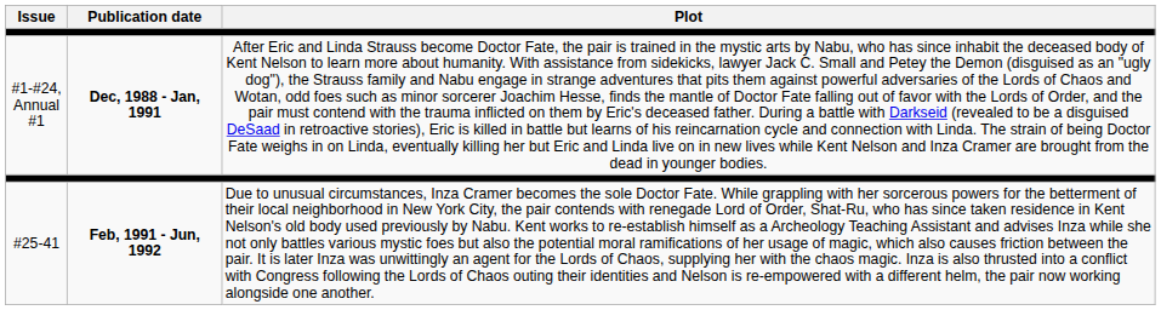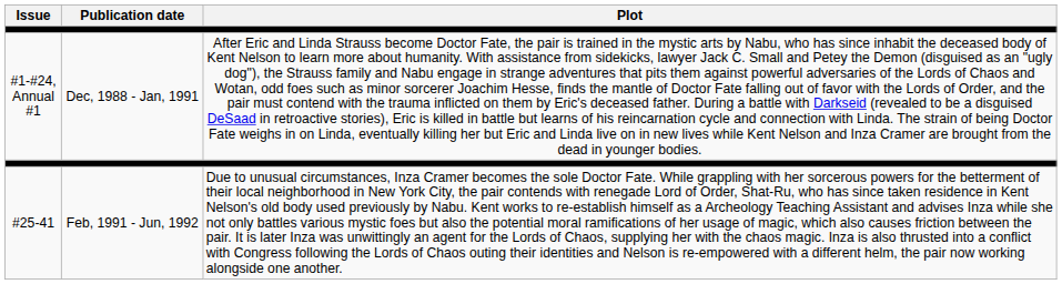 <table class="wikitable" style="text-align: center">
 <tr>
 <th>Issue</th>
 <th style="width: 10em">Publication date</th>
 <th>Plot</th>
 </tr>
 <tr>
 <td colspan="3" style="background:#000000"></td>
 </tr>
 <tr>
 <td>#1-#24, Annual #1</td>
-<td><strong>Dec, 1988 - Jan, 1991</strong></td>
+<td>Dec, 1988 - Jan, 1991</td>
 <td>After Eric and Linda Strauss become Doctor Fate, the pair is trained in the mystic arts by Nabu, who has since inhabit the deceased body of Kent Nelson to learn more about humanity. With assistance from sidekicks, lawyer Jack C. Small and Petey the Demon (disguised as an "ugly dog"), the Strauss family and Nabu engage in strange adventures that pits them against powerful adversaries of the Lords of Chaos and Wotan, odd foes such as minor sorcerer Joachim Hesse, finds the mantle of Doctor Fate falling out of favor with the Lords of Order, and the pair must contend with the trauma inflicted on them by Eric's deceased father. During a battle with <a href='#'>Darkseid</a> (revealed to be a disguised <a href='#'>DeSaad</a> in retroactive stories), Eric is killed in battle but learns of his reincarnation cycle and connection with Linda. The strain of being Doctor Fate weighs in on Linda, eventually killing her but Eric and Linda live on in new lives while Kent Nelson and Inza Cramer are brought from the dead in younger bodies.</td>
 </tr>
 <tr>
 <td colspan="3" style="background:#000000"></td>
 </tr>
 <tr>
 <td>#25-41</td>
-<td><strong>Feb, 1991 - Jun, 1992</strong></td>
+<td>Feb, 1991 - Jun, 1992</td>
 <td align="left">Due to unusual circumstances, Inza Cramer becomes the sole Doctor Fate. While grappling with her sorcerous powers for the betterment of their local neighborhood in New York City, the pair contends with renegade Lord of Order, Shat-Ru, who has since taken residence in Kent Nelson's old body used previously by Nabu. Kent works to re-establish himself as a Archeology Teaching Assistant and advises Inza while she not only battles various mystic foes but also the potential moral ramifications of her usage of magic, which also causes friction between the pair. It is later Inza was unwittingly an agent for the Lords of Chaos, supplying her with the chaos magic. Inza is also thrusted into a conflict with Congress following the Lords of Chaos outing their identities and Nelson is re-empowered with a different helm, the pair now working alongside one another.</td>
 </tr>
 </table>
